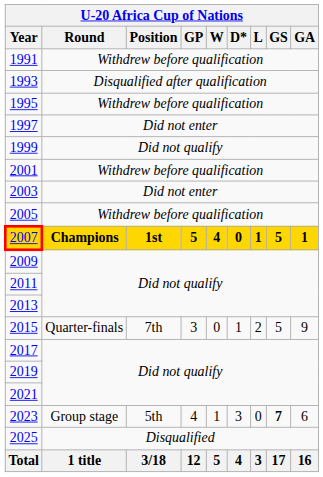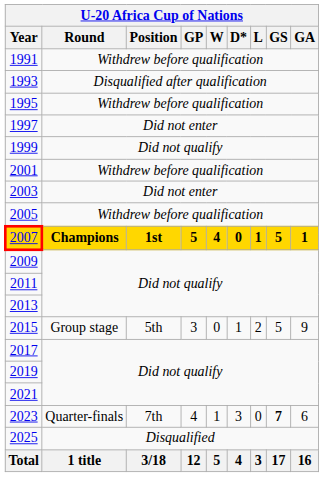 <table class="wikitable" style="text-align: center;">
 <tr>
 <th colspan=9><a href='#'>U-20 Africa Cup of Nations</a></th>
 </tr>
 <tr>
 <th>Year</th>
 <th>Round</th>
 <th>Position</th>
 <th>GP</th>
 <th>W</th>
 <th>D*</th>
 <th>L</th>
 <th>GS</th>
 <th>GA</th>
 </tr>
 <tr>
 <td> <a href='#'>1991</a></td>
 <td colspan=8><em>Withdrew before qualification</em></td>
 </tr>
 <tr>
 <td> <a href='#'>1993</a></td>
 <td colspan=8><em>Disqualified after qualification</em></td>
 </tr>
 <tr>
 <td> <a href='#'>1995</a></td>
 <td rowspan=1 colspan=8><em>Withdrew before qualification</em></td>
 </tr>
 <tr>
 <td> <a href='#'>1997</a></td>
 <td rowspan=1 colspan=8><em>Did not enter</em></td>
 </tr>
 <tr>
 <td> <a href='#'>1999</a></td>
 <td rowspan=1 colspan=8><em>Did not qualify</em></td>
 </tr>
 <tr>
 <td> <a href='#'>2001</a></td>
 <td rowspan=1 colspan=8><em>Withdrew before qualification</em></td>
 </tr>
 <tr>
 <td> <a href='#'>2003</a></td>
 <td rowspan=1 colspan=8><em>Did not enter</em></td>
 </tr>
 <tr>
 <td> <a href='#'>2005</a></td>
 <td rowspan=1 colspan=8><em>Withdrew before qualification</em></td>
 </tr>
 <tr style="background:gold">
 <td style="border: 3px solid red"> <a href='#'>2007</a></td>
 <td><strong>Champions</strong></td>
 <td><strong>1st</strong></td>
 <td><strong>5</strong></td>
 <td><strong>4</strong></td>
 <td><strong>0</strong></td>
 <td><strong>1</strong></td>
 <td><strong>5</strong></td>
 <td><strong>1</strong></td>
 </tr>
 <tr>
 <td> <a href='#'>2009</a></td>
 <td colspan=8 rowspan=3><em>Did not qualify</em></td>
 </tr>
 <tr>
 <td> <a href='#'>2011</a></td>
 </tr>
 <tr>
 <td> <a href='#'>2013</a></td>
 </tr>
 <tr>
 <td> <a href='#'>2015</a></td>
-<td>Quarter-finals</td>
-<td>7th</td>
+<td>Group stage</td>
+<td>5th</td>
 <td>3</td>
 <td>0</td>
 <td>1</td>
 <td>2</td>
 <td>5</td>
 <td>9</td>
 </tr>
 <tr>
 <td> <a href='#'>2017</a></td>
 <td colspan=8 rowspan=3><em>Did not qualify</em></td>
 </tr>
 <tr>
 <td> <a href='#'>2019</a></td>
 </tr>
 <tr>
 <td> <a href='#'>2021</a></td>
 </tr>
 <tr>
 <td> <a href='#'>2023</a></td>
-<td>Group stage</td>
-<td>5th</td>
+<td>Quarter-finals</td>
+<td>7th</td>
 <td>4</td>
 <td>1</td>
 <td>3</td>
 <td>0</td>
 <td><strong>7</strong></td>
 <td>6</td>
 </tr>
 <tr>
 <td> <a href='#'>2025</a></td>
 <td colspan=8><em>Disqualified</em></td>
 </tr>
 <tr>
 <th>Total</th>
 <th>1 title</th>
 <th>3/18</th>
 <th>12</th>
 <th>5</th>
 <th>4</th>
 <th>3</th>
 <th>17</th>
 <th>16</th>
 </tr>
 </table>
